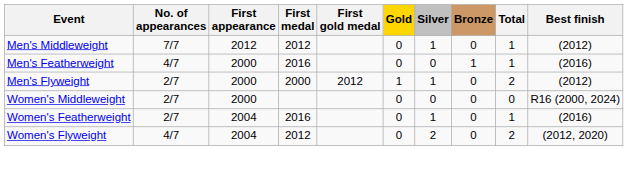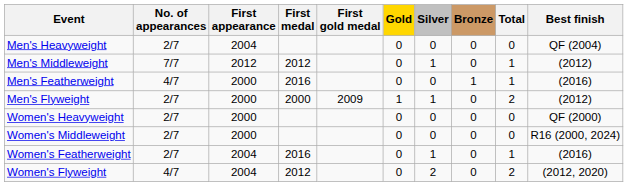 <table class="wikitable sortable" style="text-align:center">
 <tr>
 <th>Event</th>
 <th>No. of<br>appearances</th>
 <th>First<br>appearance</th>
 <th>First<br>medal</th>
 <th>First<br>gold medal</th>
 <th style="background-color:gold;">Gold</th>
 <th style="background-color:silver;">Silver</th>
 <th style="background-color:#c96;">Bronze</th>
 <th>Total</th>
 <th>Best finish</th>
+</tr>
+<tr>
+<td align=left><a href='#'>Men's Heavyweight</a></td>
+<td>2/7</td>
+<td>2004</td>
+<td></td>
+<td></td>
+<td>0</td>
+<td>0</td>
+<td>0</td>
+<td>0</td>
+<td>QF (2004)</td>
 </tr>
 <tr>
 <td align=left><a href='#'>Men's Middleweight</a></td>
 <td>7/7</td>
 <td>2012</td>
 <td>2012</td>
 <td></td>
 <td>0</td>
 <td>1</td>
 <td>0</td>
 <td>1</td>
 <td> (2012)</td>
 </tr>
 <tr>
 <td align=left><a href='#'>Men's Featherweight</a></td>
 <td>4/7</td>
 <td>2000</td>
 <td>2016</td>
 <td></td>
 <td>0</td>
 <td>0</td>
 <td>1</td>
 <td>1</td>
 <td> (2016)</td>
 </tr>
 <tr>
 <td align=left><a href='#'>Men's Flyweight</a></td>
 <td>2/7</td>
 <td>2000</td>
 <td>2000</td>
-<td>2012</td>
+<td>2009</td>
 <td>1</td>
 <td>1</td>
 <td>0</td>
 <td>2</td>
 <td> (2012)</td>
+</tr>
+<tr>
+<td align="left"><a href='#'>Women's Heavyweight</a></td>
+<td>2/7</td>
+<td>2000</td>
+<td></td>
+<td></td>
+<td>0</td>
+<td>0</td>
+<td>0</td>
+<td>0</td>
+<td>QF (2000)</td>
 </tr>
 <tr>
 <td align="left"><a href='#'>Women's Middleweight</a></td>
 <td>2/7</td>
 <td>2000</td>
 <td></td>
 <td></td>
 <td>0</td>
 <td>0</td>
 <td>0</td>
 <td>0</td>
 <td>R16 (2000, 2024)</td>
 </tr>
 <tr>
 <td align="left"><a href='#'>Women's Featherweight</a></td>
 <td>2/7</td>
 <td>2004</td>
 <td>2016</td>
 <td></td>
 <td>0</td>
 <td>1</td>
 <td>0</td>
 <td>1</td>
 <td> (2016)</td>
 </tr>
 <tr>
 <td align="left"><a href='#'>Women's Flyweight</a></td>
 <td>4/7</td>
 <td>2004</td>
 <td>2012</td>
 <td></td>
 <td>0</td>
 <td>2</td>
 <td>0</td>
 <td>2</td>
 <td> (2012, 2020)</td>
 </tr>
 </table>
